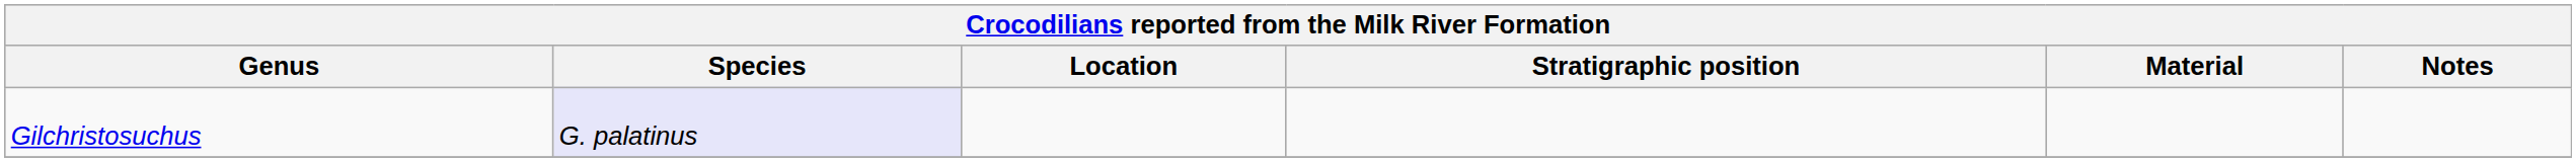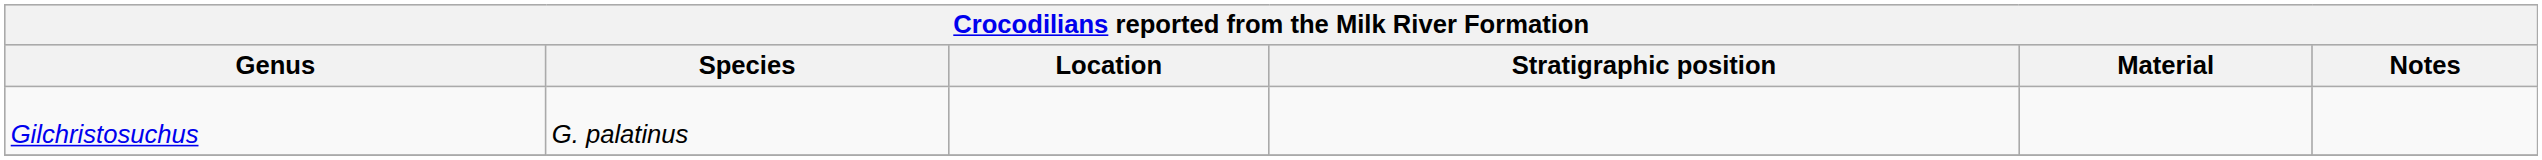 <table class="wikitable" align="center" width="100%">
 <tr>
 <th colspan="7" align="center"><strong><a href='#'>Crocodilians</a> reported from the Milk River Formation</strong></th>
 </tr>
 <tr>
 <th>Genus</th>
 <th>Species</th>
 <th>Location</th>
 <th>Stratigraphic position</th>
 <th>Material</th>
 <th>Notes<br></th>
 </tr>
 <tr>
 <td><br><em><a href='#'>Gilchristosuchus</a></em></td>
-<td style="background: lavender;"><br><em>G. palatinus</em></td>
+<td><br><em>G. palatinus</em></td>
 <td></td>
 <td></td>
 <td></td>
 <td><br></td>
 </tr>
 <tr>
 </tr>
 </table>
